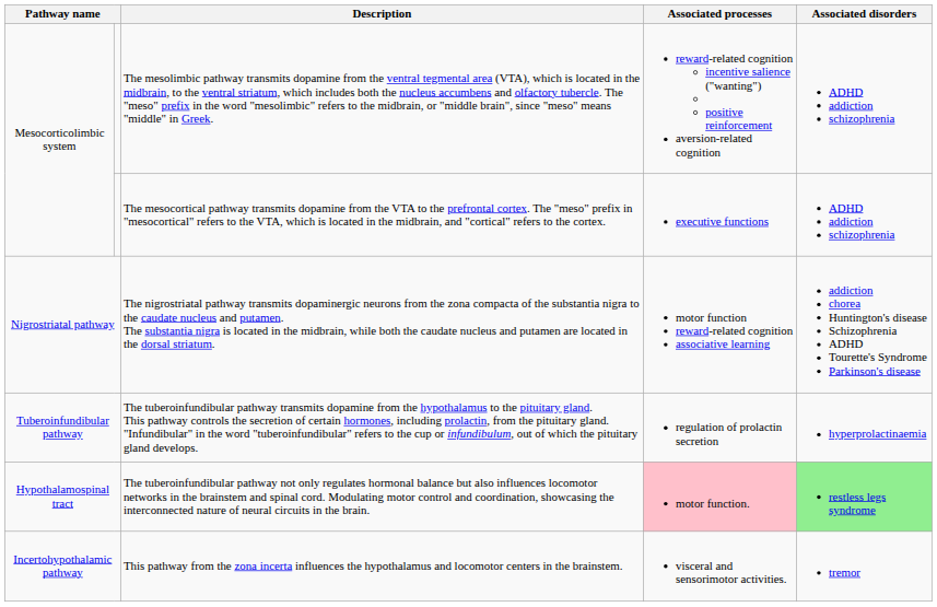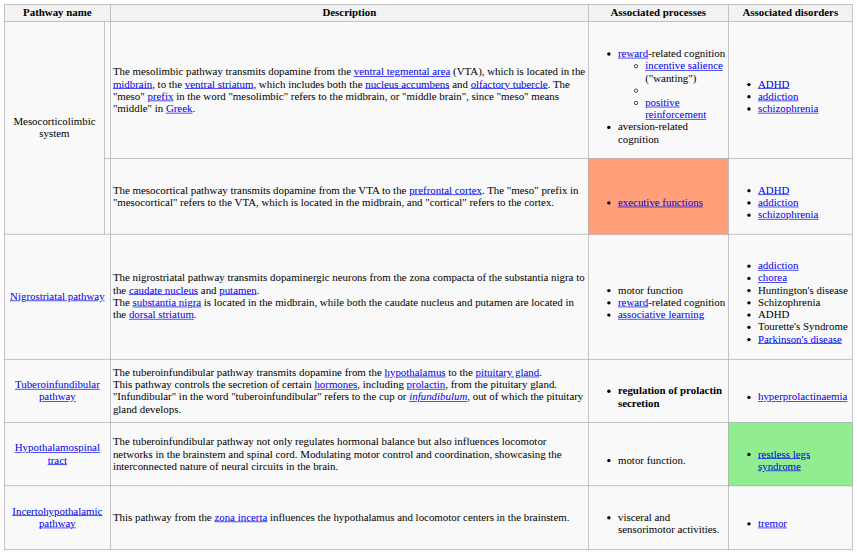 <table class="wikitable">
 <tr>
 <th scope="col" colspan="2">Pathway name</th>
 <th scope="col">Description</th>
 <th scope="col">Associated processes</th>
 <th scope="col">Associated disorders</th>
 </tr>
 <tr>
 <td rowspan="2" style="text-align:center;">Mesocorticolimbic<br>system</td>
 <td></td>
 <td>The mesolimbic pathway transmits dopamine from the <a href='#'>ventral tegmental area</a> (VTA), which is located in the <a href='#'>midbrain</a>, to the <a href='#'>ventral striatum</a>, which includes both the <a href='#'>nucleus accumbens</a> and <a href='#'>olfactory tubercle</a>. The "meso" <a href='#'>prefix</a> in the word "mesolimbic" refers to the midbrain, or "middle brain", since "meso" means "middle" in <a href='#'>Greek</a>.</td>
 <td><br><ul><li><a href='#'>reward</a>-related cognition<ul><li><a href='#'>incentive salience</a> ("wanting")</li><li></li><li><a href='#'>positive reinforcement</a></li></ul></li><li>aversion-related cognition</li></ul></td>
 <td><br><ul><li><a href='#'>ADHD</a></li><li><a href='#'>addiction</a></li><li><a href='#'>schizophrenia</a></li></ul></td>
 </tr>
 <tr>
 <td></td>
 <td>The mesocortical pathway transmits dopamine from the VTA to the <a href='#'>prefrontal cortex</a>.  The "meso" prefix in "mesocortical" refers to the VTA, which is located in the midbrain, and "cortical" refers to the cortex.</td>
-<td><br><ul><li><a href='#'>executive functions</a></li></ul></td>
+<td style="background: lightsalmon;"><br><ul><li><a href='#'>executive functions</a></li></ul></td>
 <td><br><ul><li><a href='#'>ADHD</a></li><li><a href='#'>addiction</a></li><li><a href='#'>schizophrenia</a></li></ul></td>
 </tr>
 <tr>
 <td colspan="2" style="text-align:center;"><a href='#'>Nigrostriatal pathway</a></td>
 <td>The nigrostriatal pathway transmits dopaminergic neurons from the zona compacta of the substantia nigra to the <a href='#'>caudate nucleus</a> and <a href='#'>putamen</a>.<br>The <a href='#'>substantia nigra</a> is located in the midbrain, while both the caudate nucleus and putamen are located in the <a href='#'>dorsal striatum</a>.</td>
 <td><br><ul><li>motor function</li><li><a href='#'>reward</a>-related cognition</li><li><a href='#'>associative learning</a></li></ul></td>
 <td><br><ul><li><a href='#'>addiction</a></li><li><a href='#'>chorea</a></li><li>Huntington's disease</li><li>Schizophrenia</li><li>ADHD</li><li>Tourette's Syndrome</li><li><a href='#'>Parkinson's&nbsp;disease</a></li></ul></td>
 </tr>
 <tr>
 <td colspan="2" style="text-align:center;"><a href='#'>Tuberoinfundibular pathway</a></td>
 <td>The tuberoinfundibular pathway transmits dopamine from the <a href='#'>hypothalamus</a> to the <a href='#'>pituitary gland</a>.<br>This pathway controls the secretion of certain <a href='#'>hormones</a>, including <a href='#'>prolactin</a>, from the pituitary gland.<br>"Infundibular" in the word "tuberoinfundibular" refers to the cup or <a href='#'><em>infundibulum</em></a>, out of which the pituitary gland develops.</td>
-<td><br><ul><li>regulation of prolactin secretion</li></ul></td>
+<td><strong><br><ul><li>regulation of prolactin secretion</li></ul></strong></td>
 <td><br><ul><li><a href='#'>hyperprolactinaemia</a></li></ul></td>
 </tr>
 <tr>
 <td colspan="2" style="text-align:center;"><a href='#'>Hypothalamospinal tract</a></td>
 <td>The tuberoinfundibular pathway not only regulates hormonal balance but also influences locomotor networks in the brainstem and spinal cord. Modulating motor control and coordination, showcasing the interconnected nature of neural circuits in the brain.</td>
-<td style="background: pink;"><br><ul><li>motor function.</li></ul></td>
+<td><br><ul><li>motor function.</li></ul></td>
 <td style="background: lightgreen;"><br><ul><li><a href='#'>restless legs syndrome</a></li></ul></td>
 </tr>
 <tr>
 <td colspan="2" style="text-align:center;"><a href='#'>Incertohypothalamic pathway</a></td>
 <td>This pathway from the <a href='#'>zona incerta</a> influences the hypothalamus and locomotor centers in the brainstem.</td>
 <td><br><ul><li>visceral and sensorimotor activities.</li></ul></td>
 <td><br><ul><li><a href='#'>tremor</a></li></ul></td>
 </tr>
 </table>
